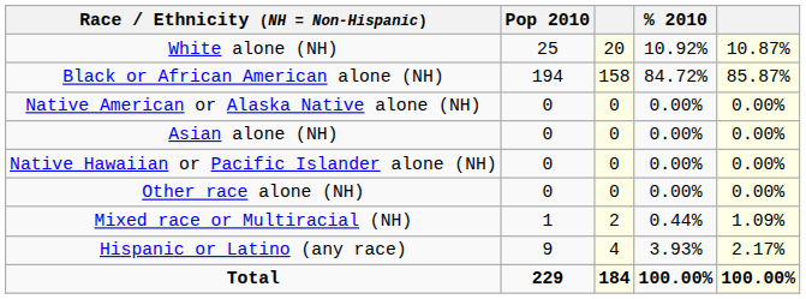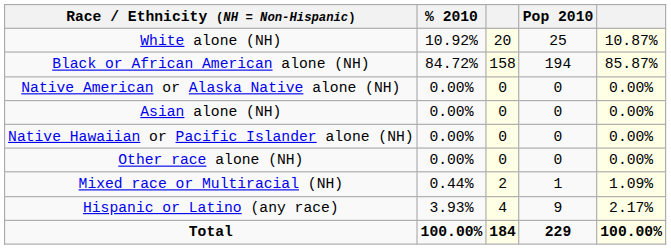 <table class="wikitable" style="text-align:center;">
 <tr>
 <th>Race / Ethnicity <small>(<em>NH = Non-Hispanic</em>)</small></th>
+<th>% 2010</th>
+<th></th>
 <th>Pop 2010</th>
-<th></th>
-<th>% 2010</th>
 <th></th>
 </tr>
 <tr>
 <td><a href='#'>White</a> alone (NH)</td>
+<td>10.92%</td>
+<td style='background: #ffffe6;'>20</td>
 <td>25</td>
-<td style='background: #ffffe6;'>20</td>
-<td>10.92%</td>
 <td style='background: #ffffe6;'>10.87%</td>
 </tr>
 <tr>
 <td><a href='#'>Black or African American</a> alone (NH)</td>
+<td>84.72%</td>
+<td style='background: #ffffe6;'>158</td>
 <td>194</td>
-<td style='background: #ffffe6;'>158</td>
-<td>84.72%</td>
 <td style='background: #ffffe6;'>85.87%</td>
 </tr>
 <tr>
 <td><a href='#'>Native American</a> or <a href='#'>Alaska Native</a> alone (NH)</td>
+<td>0.00%</td>
+<td style='background: #ffffe6;'>0</td>
 <td>0</td>
-<td style='background: #ffffe6;'>0</td>
-<td>0.00%</td>
 <td style='background: #ffffe6;'>0.00%</td>
 </tr>
 <tr>
 <td><a href='#'>Asian</a> alone (NH)</td>
+<td>0.00%</td>
+<td style='background: #ffffe6;'>0</td>
 <td>0</td>
-<td style='background: #ffffe6;'>0</td>
-<td>0.00%</td>
 <td style='background: #ffffe6;'>0.00%</td>
 </tr>
 <tr>
 <td><a href='#'>Native Hawaiian</a> or <a href='#'>Pacific Islander</a> alone (NH)</td>
+<td>0.00%</td>
+<td style='background: #ffffe6;'>0</td>
 <td>0</td>
-<td style='background: #ffffe6;'>0</td>
-<td>0.00%</td>
 <td style='background: #ffffe6;'>0.00%</td>
 </tr>
 <tr>
 <td><a href='#'>Other race</a> alone (NH)</td>
+<td>0.00%</td>
+<td style='background: #ffffe6;'>0</td>
 <td>0</td>
-<td style='background: #ffffe6;'>0</td>
-<td>0.00%</td>
 <td style='background: #ffffe6;'>0.00%</td>
 </tr>
 <tr>
 <td><a href='#'>Mixed race or Multiracial</a> (NH)</td>
+<td>0.44%</td>
+<td style='background: #ffffe6;'>2</td>
 <td>1</td>
-<td style='background: #ffffe6;'>2</td>
-<td>0.44%</td>
 <td style='background: #ffffe6;'>1.09%</td>
 </tr>
 <tr>
 <td><a href='#'>Hispanic or Latino</a> (any race)</td>
+<td>3.93%</td>
+<td style='background: #ffffe6;'>4</td>
 <td>9</td>
-<td style='background: #ffffe6;'>4</td>
-<td>3.93%</td>
 <td style='background: #ffffe6;'>2.17%</td>
 </tr>
 <tr>
 <td><strong>Total</strong></td>
+<td><strong>100.00%</strong></td>
+<td style='background: #ffffe6;'><strong>184</strong></td>
 <td><strong>229</strong></td>
-<td style='background: #ffffe6;'><strong>184</strong></td>
-<td><strong>100.00%</strong></td>
 <td style='background: #ffffe6;'><strong>100.00%</strong></td>
 </tr>
 </table>
